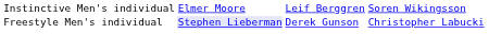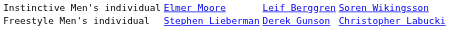 <table>
 <tr>
 <td>Instinctive Men's individual<br></td>
 <td> <a href='#'>Elmer Moore</a></td>
 <td> <a href='#'>Leif Berggren</a></td>
 <td> <a href='#'>Soren Wikingsson</a></td>
 </tr>
 <tr>
 <td>Freestyle Men's individual<br></td>
-<td style="background: lavender;"> <a href='#'>Stephen Lieberman</a></td>
+<td> <a href='#'>Stephen Lieberman</a></td>
 <td> <a href='#'>Derek Gunson</a></td>
 <td> <a href='#'>Christopher Labucki</a></td>
 </tr>
 </table>
